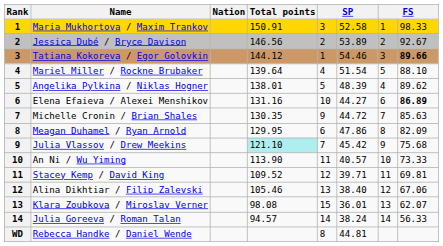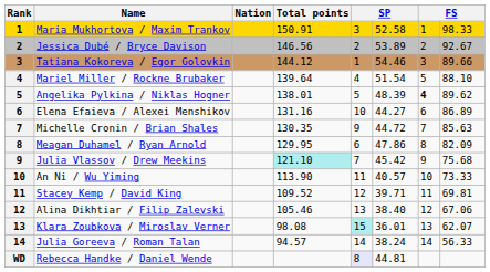 <table class="wikitable">
 <tr>
 <th>Rank</th>
 <th>Name</th>
 <th>Nation</th>
 <th>Total points</th>
 <th colspan="2" width="80px"><a href='#'>SP</a></th>
 <th colspan="2" width="80px"><a href='#'>FS</a></th>
 </tr>
 <tr bgcolor=gold>
 <td align=center><strong>1</strong></td>
 <td><a href='#'>Maria Mukhortova</a> / <a href='#'>Maxim Trankov</a></td>
 <td></td>
 <td>150.91</td>
 <td>3</td>
 <td>52.58</td>
 <td>1</td>
 <td>98.33</td>
 </tr>
 <tr bgcolor=silver>
 <td align=center><strong>2</strong></td>
 <td><a href='#'>Jessica Dubé</a> / <a href='#'>Bryce Davison</a></td>
 <td></td>
 <td>146.56</td>
 <td>2</td>
 <td>53.89</td>
 <td>2</td>
 <td>92.67</td>
 </tr>
 <tr bgcolor=cc9966>
 <td align=center><strong>3</strong></td>
 <td><a href='#'>Tatiana Kokoreva</a> / <a href='#'>Egor Golovkin</a></td>
 <td></td>
 <td>144.12</td>
 <td>1</td>
 <td>54.46</td>
 <td>3</td>
-<td><strong>89.66</strong></td>
+<td>89.66</td>
 </tr>
 <tr>
 <th>4</th>
 <td><a href='#'>Mariel Miller</a> / <a href='#'>Rockne Brubaker</a></td>
 <td></td>
 <td>139.64</td>
 <td>4</td>
 <td>51.54</td>
 <td>5</td>
 <td>88.10</td>
 </tr>
 <tr>
 <th>5</th>
 <td><a href='#'>Angelika Pylkina</a> / <a href='#'>Niklas Hogner</a></td>
 <td></td>
 <td>138.01</td>
 <td>5</td>
 <td>48.39</td>
-<td>4</td>
+<td><strong>4</strong></td>
 <td>89.62</td>
 </tr>
 <tr>
 <th>6</th>
 <td>Elena Efaieva / Alexei Menshikov</td>
 <td></td>
 <td>131.16</td>
 <td>10</td>
 <td>44.27</td>
 <td>6</td>
-<td><strong>86.89</strong></td>
+<td>86.89</td>
 </tr>
 <tr>
 <th>7</th>
 <td>Michelle Cronin / <a href='#'>Brian Shales</a></td>
 <td></td>
 <td>130.35</td>
 <td>9</td>
 <td>44.72</td>
 <td>7</td>
 <td>85.63</td>
 </tr>
 <tr>
 <th>8</th>
 <td><a href='#'>Meagan Duhamel</a> / <a href='#'>Ryan Arnold</a></td>
 <td></td>
 <td>129.95</td>
 <td>6</td>
 <td>47.86</td>
 <td>8</td>
 <td>82.09</td>
 </tr>
 <tr>
 <th>9</th>
 <td><a href='#'>Julia Vlassov</a> / <a href='#'>Drew Meekins</a></td>
 <td></td>
 <td style="background: paleturquoise;">121.10</td>
 <td>7</td>
 <td>45.42</td>
 <td>9</td>
 <td>75.68</td>
 </tr>
 <tr>
 <th>10</th>
 <td>An Ni / <a href='#'>Wu Yiming</a></td>
 <td></td>
 <td>113.90</td>
 <td>11</td>
 <td>40.57</td>
 <td>10</td>
 <td>73.33</td>
 </tr>
 <tr>
 <th>11</th>
 <td><a href='#'>Stacey Kemp</a> / <a href='#'>David King</a></td>
 <td></td>
 <td>109.52</td>
 <td>12</td>
 <td>39.71</td>
 <td>11</td>
 <td>69.81</td>
 </tr>
 <tr>
 <th>12</th>
 <td>Alina Dikhtiar / <a href='#'>Filip Zalevski</a></td>
 <td></td>
 <td>105.46</td>
 <td>13</td>
 <td>38.40</td>
 <td>12</td>
 <td>67.06</td>
 </tr>
 <tr>
 <th>13</th>
 <td><a href='#'>Klara Zoubkova</a> / <a href='#'>Miroslav Verner</a></td>
 <td></td>
 <td>98.08</td>
-<td>15</td>
+<td style="background: paleturquoise;">15</td>
 <td>36.01</td>
 <td>13</td>
 <td>62.07</td>
 </tr>
 <tr>
 <th>14</th>
 <td><a href='#'>Julia Goreeva</a> / <a href='#'>Roman Talan</a></td>
 <td></td>
 <td>94.57</td>
 <td>14</td>
 <td>38.24</td>
 <td>14</td>
 <td>56.33</td>
 </tr>
 <tr>
 <th>WD</th>
 <td><a href='#'>Rebecca Handke</a> / <a href='#'>Daniel Wende</a></td>
 <td></td>
 <td></td>
-<td>8</td>
+<td style="background: lavender;">8</td>
 <td>44.81</td>
 <td></td>
 <td></td>
 </tr>
 </table>
